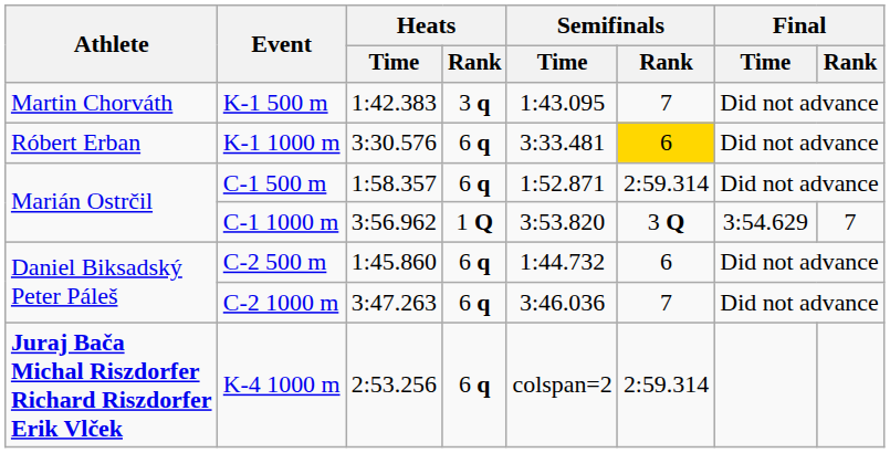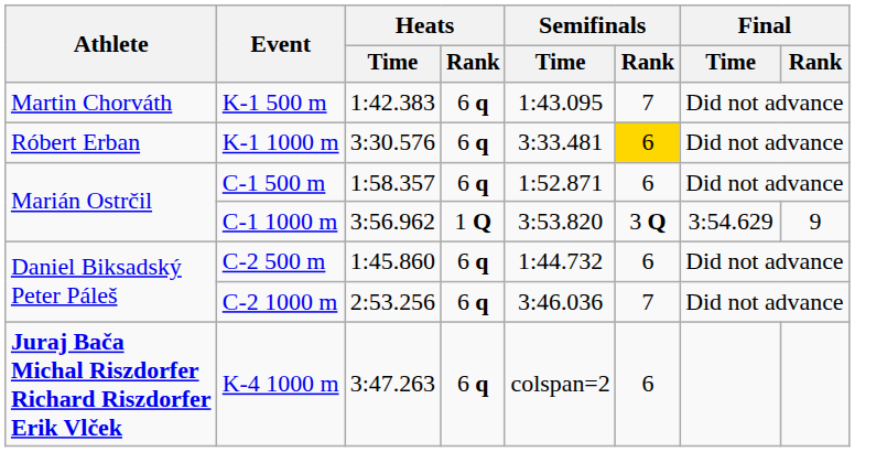 <table class="wikitable" style="font-size:90%">
 <tr>
 <th rowspan=2>Athlete</th>
 <th rowspan=2>Event</th>
 <th colspan=2>Heats</th>
 <th colspan=2>Semifinals</th>
 <th colspan=2>Final</th>
 </tr>
 <tr style="font-size:95%">
 <th>Time</th>
 <th>Rank</th>
 <th>Time</th>
 <th>Rank</th>
 <th>Time</th>
 <th>Rank</th>
 </tr>
 <tr align=center>
 <td align=left><a href='#'>Martin Chorváth</a></td>
 <td align=left><a href='#'>K-1 500 m</a></td>
 <td>1:42.383</td>
-<td>3 <strong>q</strong></td>
+<td>6 <strong>q</strong></td>
 <td>1:43.095</td>
 <td>7</td>
 <td colspan=2>Did not advance</td>
 </tr>
 <tr align=center>
 <td align=left><a href='#'>Róbert Erban</a></td>
 <td align=left><a href='#'>K-1 1000 m</a></td>
 <td>3:30.576</td>
 <td>6 <strong>q</strong></td>
 <td>3:33.481</td>
 <td style="background: gold;">6</td>
 <td colspan=2>Did not advance</td>
 </tr>
 <tr align=center>
 <td align=left rowspan=2><a href='#'>Marián Ostrčil</a></td>
 <td align=left><a href='#'>C-1 500 m</a></td>
 <td>1:58.357</td>
 <td>6 <strong>q</strong></td>
 <td>1:52.871</td>
-<td>2:59.314</td>
+<td>6</td>
 <td colspan=2>Did not advance</td>
 </tr>
 <tr align=center>
 <td align=left><a href='#'>C-1 1000 m</a></td>
 <td>3:56.962</td>
 <td>1 <strong>Q</strong></td>
 <td>3:53.820</td>
 <td>3 <strong>Q</strong></td>
 <td>3:54.629</td>
-<td>7</td>
+<td>9</td>
 </tr>
 <tr align=center>
 <td align=left rowspan=2><a href='#'>Daniel Biksadský</a><br><a href='#'>Peter Páleš</a></td>
 <td align=left><a href='#'>C-2 500 m</a></td>
 <td>1:45.860</td>
 <td>6 <strong>q</strong></td>
 <td>1:44.732</td>
 <td>6</td>
 <td colspan=2>Did not advance</td>
 </tr>
 <tr align=center>
 <td align=left><a href='#'>C-2 1000 m</a></td>
-<td>3:47.263</td>
+<td>2:53.256</td>
 <td>6 <strong>q</strong></td>
 <td>3:46.036</td>
 <td>7</td>
 <td colspan=2>Did not advance</td>
 </tr>
 <tr align=center>
 <td align=left><strong><a href='#'>Juraj Bača</a><br><a href='#'>Michal Riszdorfer</a><br><a href='#'>Richard Riszdorfer</a><br><a href='#'>Erik Vlček</a></strong></td>
 <td align=left><a href='#'>K-4 1000 m</a></td>
-<td>2:53.256</td>
+<td>3:47.263</td>
 <td>6 <strong>q</strong></td>
 <td>colspan=2 </td>
-<td>2:59.314</td>
+<td>6</td>
 <td></td>
 </tr>
 </table>
